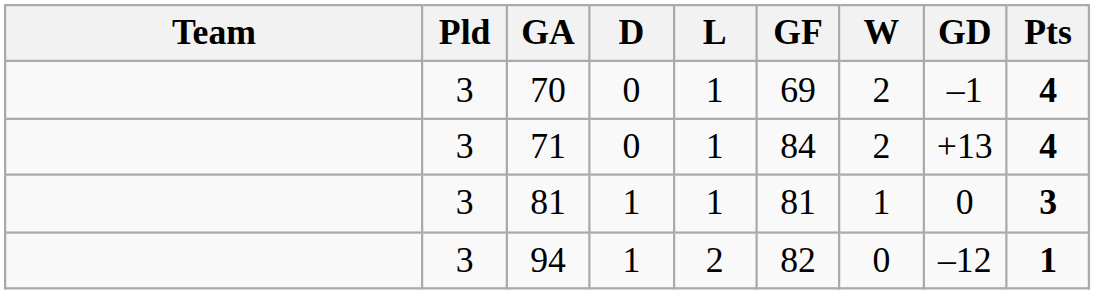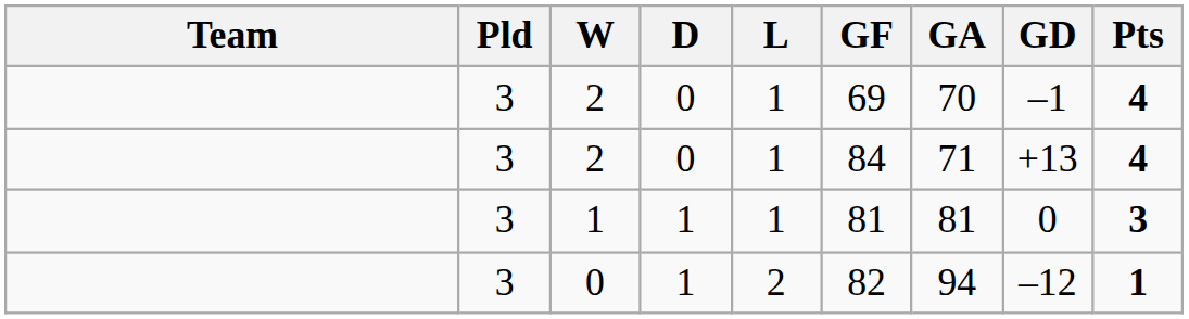 <table class="wikitable" style="text-align: center;">
 <tr>
 <th width="180">Team</th>
 <th width="30">Pld</th>
-<th width="30">GA</th>
+<th width="30">W</th>
 <th width="30">D</th>
 <th width="30">L</th>
 <th width="30">GF</th>
-<th width="30">W</th>
+<th width="30">GA</th>
 <th width="30">GD</th>
 <th width="30">Pts</th>
 </tr>
 <tr>
 <td align="left"></td>
 <td>3</td>
-<td>70</td>
+<td>2</td>
 <td>0</td>
 <td>1</td>
 <td>69</td>
-<td>2</td>
+<td>70</td>
 <td>–1</td>
 <td><strong>4</strong></td>
 </tr>
 <tr>
 <td align="left"></td>
 <td>3</td>
-<td>71</td>
+<td>2</td>
 <td>0</td>
 <td>1</td>
 <td>84</td>
-<td>2</td>
+<td>71</td>
 <td>+13</td>
 <td><strong>4</strong></td>
 </tr>
 <tr>
 <td align="left"></td>
 <td>3</td>
-<td>81</td>
+<td>1</td>
 <td>1</td>
 <td>1</td>
 <td>81</td>
-<td>1</td>
+<td>81</td>
 <td>0</td>
 <td><strong>3</strong></td>
 </tr>
 <tr>
 <td align="left"></td>
 <td>3</td>
-<td>94</td>
+<td>0</td>
 <td>1</td>
 <td>2</td>
 <td>82</td>
-<td>0</td>
+<td>94</td>
 <td>–12</td>
 <td><strong>1</strong></td>
 </tr>
 </table>
